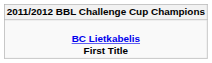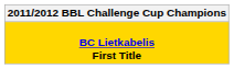 <table class=wikitable style="text-align:center; margin:auto">
 <tr>
 <th>2011/2012 BBL Challenge Cup Champions</th>
 </tr>
 <tr>
-<td><br><strong><a href='#'>BC Lietkabelis</a></strong><br><strong>First Title</strong> <br></td>
+<td style="background: gold;"><br><strong><a href='#'>BC Lietkabelis</a></strong><br><strong>First Title</strong> <br></td>
 </tr>
 </table>
